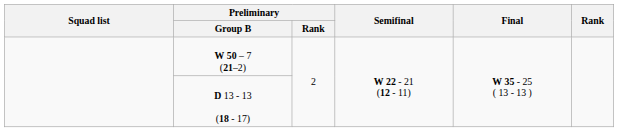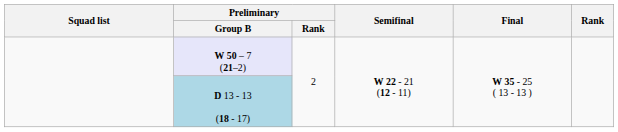 <table class="wikitable" width="71%" style="text-align:left; font-size:90%">
 <tr>
 <th rowspan="2" width="20%"> Squad list</th>
 <th colspan="2">Preliminary</th>
 <th rowspan="2" width="14%">Semifinal</th>
 <th rowspan="2" width="14%">Final</th>
 <th rowspan="2" width="5%">Rank</th>
 </tr>
 <tr>
 <th width="14%">Group B</th>
 <th width="5%">Rank</th>
 </tr>
 <tr>
 <td rowspan="2"></td>
-<td align=center><br><strong>W</strong> <strong>50</strong> – 7<br> (<strong>21</strong>–2)</td>
+<td align=center style="background: lavender;"><br><strong>W</strong> <strong>50</strong> – 7<br> (<strong>21</strong>–2)</td>
 <td rowspan="2" align=center>2</td>
 <td rowspan="2" align=center> <br> <strong>W</strong> <strong>22</strong> - 21 <br> (<strong>12</strong> - 11)</td>
 <td rowspan="2" align=center> <br> <strong>W</strong> <strong>35</strong> - 25 <br>( 13 - 13 )</td>
 <td rowspan="2" align=center></td>
 </tr>
 <tr>
-<td align=center> <br> <strong>D</strong> 13 - 13<br><br>(<strong>18</strong> - 17)</td>
+<td align=center style="background: lightblue;"> <br> <strong>D</strong> 13 - 13<br><br>(<strong>18</strong> - 17)</td>
 </tr>
 </table>
